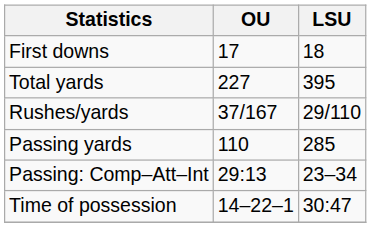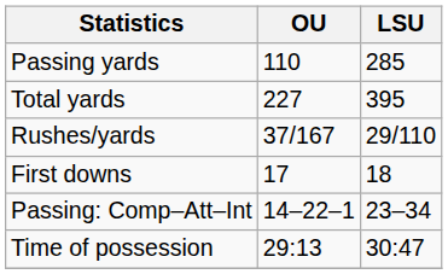 <table class="wikitable" style="float: left;">
 <tr>
 <th>Statistics</th>
 <th>OU</th>
 <th>LSU</th>
 </tr>
 <tr>
-<td>First downs</td>
-<td>17</td>
-<td>18</td>
+<td>Passing yards</td>
+<td>110</td>
+<td>285</td>
 </tr>
 <tr>
 <td>Total yards</td>
 <td>227</td>
 <td>395</td>
 </tr>
 <tr>
 <td>Rushes/yards</td>
 <td>37/167</td>
 <td>29/110</td>
 </tr>
 <tr>
-<td>Passing yards</td>
-<td>110</td>
-<td>285</td>
+<td>First downs</td>
+<td>17</td>
+<td>18</td>
 </tr>
 <tr>
 <td>Passing: Comp–Att–Int</td>
-<td>29:13</td>
+<td>14–22–1</td>
 <td>23–34</td>
 </tr>
 <tr>
 <td>Time of possession</td>
-<td>14–22–1</td>
+<td>29:13</td>
 <td>30:47</td>
 </tr>
 <tr>
 </tr>
 </table>
